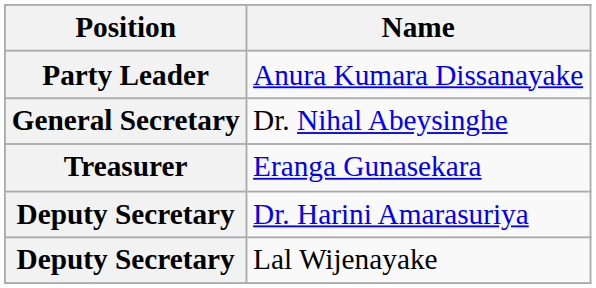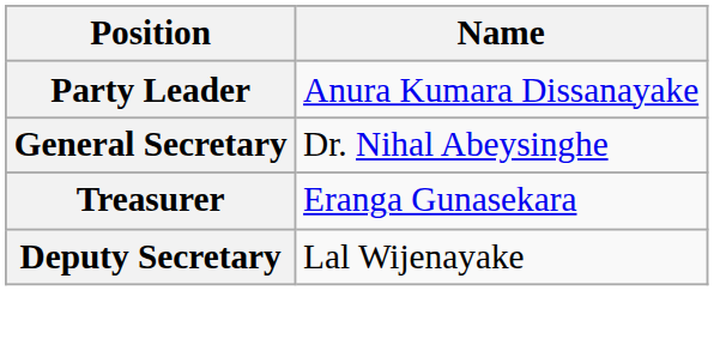 <table class="wikitable">
 <tr>
 <th scope="col" style="background-color:">Position</th>
 <th scope="col" style="background-color:">Name</th>
 </tr>
 <tr>
 <th>Party Leader</th>
 <td><a href='#'>Anura Kumara Dissanayake</a></td>
 </tr>
 <tr>
 <th>General Secretary</th>
 <td>Dr. <a href='#'>Nihal Abeysinghe</a></td>
 </tr>
 <tr>
 <th>Treasurer</th>
 <td><a href='#'>Eranga Gunasekara</a></td>
 </tr>
 <tr>
 <th>Deputy Secretary</th>
-<td><a href='#'>Dr. Harini Amarasuriya</a></td>
-</tr>
-<tr>
-<th>Deputy Secretary</th>
 <td>Lal Wijenayake</td>
 </tr>
 </table>
